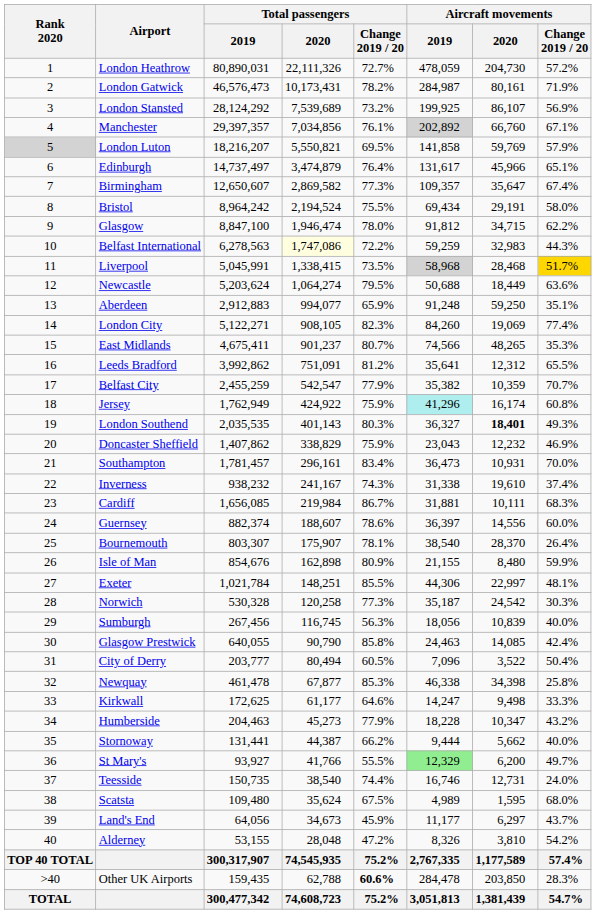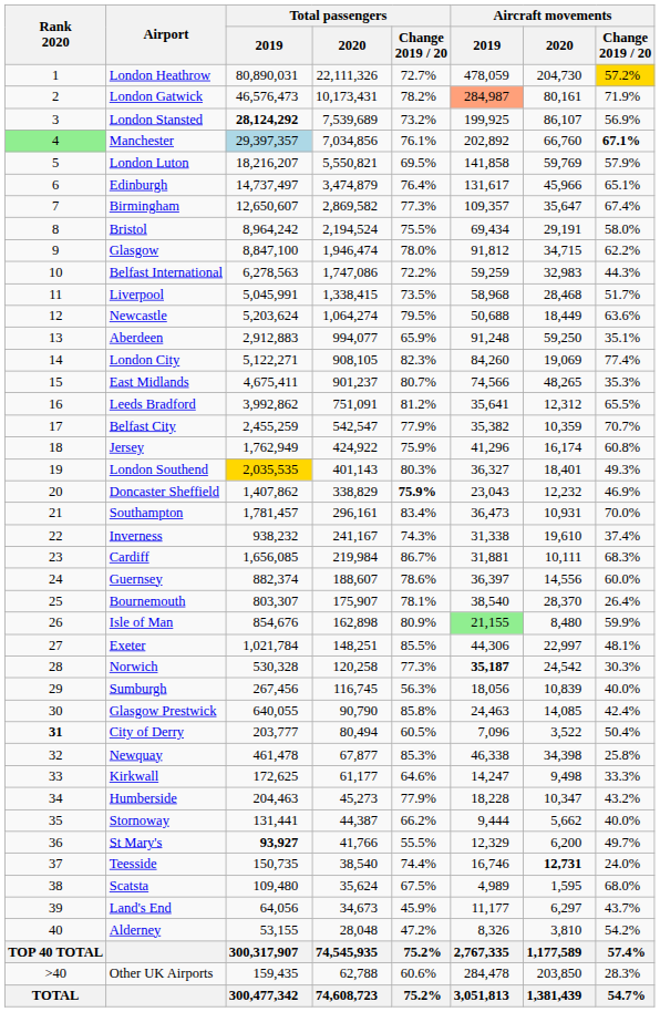 <table class="wikitable sortable" style="text-align: right;">
 <tr>
 <th rowspan=2>Rank<br>2020</th>
 <th rowspan="2">Airport</th>
 <th colspan=3>Total passengers</th>
 <th colspan=3>Aircraft movements</th>
 </tr>
 <tr>
 <th>2019</th>
 <th>2020</th>
 <th>Change<br>2019 / 20</th>
 <th>2019</th>
 <th>2020</th>
 <th>Change<br>2019 / 20</th>
 </tr>
 <tr>
 <td align='center'>1</td>
 <td align='left'><a href='#'>London Heathrow</a></td>
 <td style="padding-right: 1em;">80,890,031</td>
 <td style="padding-right: 1em;">22,111,326</td>
 <td style="padding-right: 1em;">72.7%</td>
 <td style="padding-right: 1em;">478,059</td>
 <td style="padding-right: 1em;">204,730</td>
-<td style="padding-right: 1em;">57.2%</td>
+<td style="background: gold; padding-right: 1em;">57.2%</td>
 </tr>
 <tr>
 <td align='center'>2</td>
 <td align='left'><a href='#'>London Gatwick</a></td>
 <td style="padding-right: 1em;">46,576,473</td>
 <td style="padding-right: 1em;">10,173,431</td>
 <td style="padding-right: 1em;">78.2%</td>
-<td style="padding-right: 1em;">284,987</td>
+<td style="background: lightsalmon; padding-right: 1em;">284,987</td>
 <td style="padding-right: 1em;">80,161</td>
 <td style="padding-right: 1em;">71.9%</td>
 </tr>
 <tr>
 <td align='center'>3</td>
 <td align='left'><a href='#'>London Stansted</a></td>
-<td style="padding-right: 1em;">28,124,292</td>
+<td style="padding-right: 1em;"><strong>28,124,292</strong></td>
 <td style="padding-right: 1em;">7,539,689</td>
 <td style="padding-right: 1em;">73.2%</td>
 <td style="padding-right: 1em;">199,925</td>
 <td style="padding-right: 1em;">86,107</td>
 <td style="padding-right: 1em;">56.9%</td>
 </tr>
 <tr>
-<td align='center'>4</td>
+<td align='center' style="background: lightgreen;">4</td>
 <td align='left'><a href='#'>Manchester</a></td>
-<td style="padding-right: 1em;">29,397,357</td>
+<td style="background: lightblue; padding-right: 1em;">29,397,357</td>
 <td style="padding-right: 1em;">7,034,856</td>
 <td style="padding-right: 1em;">76.1%</td>
-<td style="background: lightgrey; padding-right: 1em;">202,892</td>
+<td style="padding-right: 1em;">202,892</td>
 <td style="padding-right: 1em;">66,760</td>
-<td style="padding-right: 1em;">67.1%</td>
+<td style="padding-right: 1em;"><strong>67.1%</strong></td>
 </tr>
 <tr>
-<td align='center' style="background: lightgrey;">5</td>
+<td align='center'>5</td>
 <td align='left'><a href='#'>London Luton</a></td>
 <td style="padding-right: 1em;">18,216,207</td>
 <td style="padding-right: 1em;">5,550,821</td>
 <td style="padding-right: 1em;">69.5%</td>
 <td style="padding-right: 1em;">141,858</td>
 <td style="padding-right: 1em;">59,769</td>
 <td style="padding-right: 1em;">57.9%</td>
 </tr>
 <tr>
 <td align='center'>6</td>
 <td align='left'><a href='#'>Edinburgh</a></td>
 <td style="padding-right: 1em;">14,737,497</td>
 <td style="padding-right: 1em;">3,474,879</td>
 <td style="padding-right: 1em;">76.4%</td>
 <td style="padding-right: 1em;">131,617</td>
 <td style="padding-right: 1em;">45,966</td>
 <td style="padding-right: 1em;">65.1%</td>
 </tr>
 <tr>
 <td align='center'>7</td>
 <td align='left'><a href='#'>Birmingham</a></td>
 <td style="padding-right: 1em;">12,650,607</td>
 <td style="padding-right: 1em;">2,869,582</td>
 <td style="padding-right: 1em;">77.3%</td>
 <td style="padding-right: 1em;">109,357</td>
 <td style="padding-right: 1em;">35,647</td>
 <td style="padding-right: 1em;">67.4%</td>
 </tr>
 <tr>
 <td align='center'>8</td>
 <td align='left'><a href='#'>Bristol</a></td>
 <td style="padding-right: 1em;">8,964,242</td>
 <td style="padding-right: 1em;">2,194,524</td>
 <td style="padding-right: 1em;">75.5%</td>
 <td style="padding-right: 1em;">69,434</td>
 <td style="padding-right: 1em;">29,191</td>
 <td style="padding-right: 1em;">58.0%</td>
 </tr>
 <tr>
 <td align='center'>9</td>
 <td align='left'><a href='#'>Glasgow</a></td>
 <td style="padding-right: 1em;">8,847,100</td>
 <td style="padding-right: 1em;">1,946,474</td>
 <td style="padding-right: 1em;">78.0%</td>
 <td style="padding-right: 1em;">91,812</td>
 <td style="padding-right: 1em;">34,715</td>
 <td style="padding-right: 1em;">62.2%</td>
 </tr>
 <tr>
 <td align='center'>10</td>
 <td align='left'><a href='#'>Belfast International</a></td>
 <td style="padding-right: 1em;">6,278,563</td>
-<td style="background: lightyellow; padding-right: 1em;">1,747,086</td>
+<td style="padding-right: 1em;">1,747,086</td>
 <td style="padding-right: 1em;">72.2%</td>
 <td style="padding-right: 1em;">59,259</td>
 <td style="padding-right: 1em;">32,983</td>
 <td style="padding-right: 1em;">44.3%</td>
 </tr>
 <tr>
 <td align='center'>11</td>
 <td align='left'><a href='#'>Liverpool</a></td>
 <td style="padding-right: 1em;">5,045,991</td>
 <td style="padding-right: 1em;">1,338,415</td>
 <td style="padding-right: 1em;">73.5%</td>
-<td style="background: lightgrey; padding-right: 1em;">58,968</td>
+<td style="padding-right: 1em;">58,968</td>
 <td style="padding-right: 1em;">28,468</td>
-<td style="background: gold; padding-right: 1em;">51.7%</td>
+<td style="padding-right: 1em;">51.7%</td>
 </tr>
 <tr>
 <td align='center'>12</td>
 <td align='left'><a href='#'>Newcastle</a></td>
 <td style="padding-right: 1em;">5,203,624</td>
 <td style="padding-right: 1em;">1,064,274</td>
 <td style="padding-right: 1em;">79.5%</td>
 <td style="padding-right: 1em;">50,688</td>
 <td style="padding-right: 1em;">18,449</td>
 <td style="padding-right: 1em;">63.6%</td>
 </tr>
 <tr>
 <td align='center'>13</td>
 <td align='left'><a href='#'>Aberdeen</a></td>
 <td style="padding-right: 1em;">2,912,883</td>
 <td style="padding-right: 1em;">994,077</td>
 <td style="padding-right: 1em;">65.9%</td>
 <td style="padding-right: 1em;">91,248</td>
 <td style="padding-right: 1em;">59,250</td>
 <td style="padding-right: 1em;">35.1%</td>
 </tr>
 <tr>
 <td align='center'>14</td>
 <td align='left'><a href='#'>London City</a></td>
 <td style="padding-right: 1em;">5,122,271</td>
 <td style="padding-right: 1em;">908,105</td>
 <td style="padding-right: 1em;">82.3%</td>
 <td style="padding-right: 1em;">84,260</td>
 <td style="padding-right: 1em;">19,069</td>
 <td style="padding-right: 1em;">77.4%</td>
 </tr>
 <tr>
 <td align='center'>15</td>
 <td align='left'><a href='#'>East Midlands</a></td>
 <td style="padding-right: 1em;">4,675,411</td>
 <td style="padding-right: 1em;">901,237</td>
 <td style="padding-right: 1em;">80.7%</td>
 <td style="padding-right: 1em;">74,566</td>
 <td style="padding-right: 1em;">48,265</td>
 <td style="padding-right: 1em;">35.3%</td>
 </tr>
 <tr>
 <td align='center'>16</td>
 <td align='left'><a href='#'>Leeds Bradford</a></td>
 <td style="padding-right: 1em;">3,992,862</td>
 <td style="padding-right: 1em;">751,091</td>
 <td style="padding-right: 1em;">81.2%</td>
 <td style="padding-right: 1em;">35,641</td>
 <td style="padding-right: 1em;">12,312</td>
 <td style="padding-right: 1em;">65.5%</td>
 </tr>
 <tr>
 <td align='center'>17</td>
 <td align='left'><a href='#'>Belfast City</a></td>
 <td style="padding-right: 1em;">2,455,259</td>
 <td style="padding-right: 1em;">542,547</td>
 <td style="padding-right: 1em;">77.9%</td>
 <td style="padding-right: 1em;">35,382</td>
 <td style="padding-right: 1em;">10,359</td>
 <td style="padding-right: 1em;">70.7%</td>
 </tr>
 <tr>
 <td align='center'>18</td>
 <td align='left'><a href='#'>Jersey</a></td>
 <td style="padding-right: 1em;">1,762,949</td>
 <td style="padding-right: 1em;">424,922</td>
 <td style="padding-right: 1em;">75.9%</td>
-<td style="background: paleturquoise; padding-right: 1em;">41,296</td>
+<td style="padding-right: 1em;">41,296</td>
 <td style="padding-right: 1em;">16,174</td>
 <td style="padding-right: 1em;">60.8%</td>
 </tr>
 <tr>
 <td align='center'>19</td>
 <td align='left'><a href='#'>London Southend</a></td>
-<td style="padding-right: 1em;">2,035,535</td>
+<td style="background: gold; padding-right: 1em;">2,035,535</td>
 <td style="padding-right: 1em;">401,143</td>
 <td style="padding-right: 1em;">80.3%</td>
 <td style="padding-right: 1em;">36,327</td>
-<td style="padding-right: 1em;"><strong>18,401</strong></td>
+<td style="padding-right: 1em;">18,401</td>
 <td style="padding-right: 1em;">49.3%</td>
 </tr>
 <tr>
 <td align='center'>20</td>
 <td align='left'><a href='#'>Doncaster Sheffield</a></td>
 <td style="padding-right: 1em;">1,407,862</td>
 <td style="padding-right: 1em;">338,829</td>
-<td style="padding-right: 1em;">75.9%</td>
+<td style="padding-right: 1em;"><strong>75.9%</strong></td>
 <td style="padding-right: 1em;">23,043</td>
 <td style="padding-right: 1em;">12,232</td>
 <td style="padding-right: 1em;">46.9%</td>
 </tr>
 <tr>
 <td align='center'>21</td>
 <td align='left'><a href='#'>Southampton</a></td>
 <td style="padding-right: 1em;">1,781,457</td>
 <td style="padding-right: 1em;">296,161</td>
 <td style="padding-right: 1em;">83.4%</td>
 <td style="padding-right: 1em;">36,473</td>
 <td style="padding-right: 1em;">10,931</td>
 <td style="padding-right: 1em;">70.0%</td>
 </tr>
 <tr>
 <td align='center'>22</td>
 <td align='left'><a href='#'>Inverness</a></td>
 <td style="padding-right: 1em;">938,232</td>
 <td style="padding-right: 1em;">241,167</td>
 <td style="padding-right: 1em;">74.3%</td>
 <td style="padding-right: 1em;">31,338</td>
 <td style="padding-right: 1em;">19,610</td>
 <td style="padding-right: 1em;">37.4%</td>
 </tr>
 <tr>
 <td align='center'>23</td>
 <td align='left'><a href='#'>Cardiff</a></td>
 <td style="padding-right: 1em;">1,656,085</td>
 <td style="padding-right: 1em;">219,984</td>
 <td style="padding-right: 1em;">86.7%</td>
 <td style="padding-right: 1em;">31,881</td>
 <td style="padding-right: 1em;">10,111</td>
 <td style="padding-right: 1em;">68.3%</td>
 </tr>
 <tr>
 <td align='center'>24</td>
 <td align='left'><a href='#'>Guernsey</a></td>
 <td style="padding-right: 1em;">882,374</td>
 <td style="padding-right: 1em;">188,607</td>
 <td style="padding-right: 1em;">78.6%</td>
 <td style="padding-right: 1em;">36,397</td>
 <td style="padding-right: 1em;">14,556</td>
 <td style="padding-right: 1em;">60.0%</td>
 </tr>
 <tr>
 <td align='center'>25</td>
 <td align='left'><a href='#'>Bournemouth</a></td>
 <td style="padding-right: 1em;">803,307</td>
 <td style="padding-right: 1em;">175,907</td>
 <td style="padding-right: 1em;">78.1%</td>
 <td style="padding-right: 1em;">38,540</td>
 <td style="padding-right: 1em;">28,370</td>
 <td style="padding-right: 1em;">26.4%</td>
 </tr>
 <tr>
 <td align='center'>26</td>
 <td align='left'><a href='#'>Isle of Man</a></td>
 <td style="padding-right: 1em;">854,676</td>
 <td style="padding-right: 1em;">162,898</td>
 <td style="padding-right: 1em;">80.9%</td>
-<td style="padding-right: 1em;">21,155</td>
+<td style="background: lightgreen; padding-right: 1em;">21,155</td>
 <td style="padding-right: 1em;">8,480</td>
 <td style="padding-right: 1em;">59.9%</td>
 </tr>
 <tr>
 <td align='center'>27</td>
 <td align='left'><a href='#'>Exeter</a></td>
 <td style="padding-right: 1em;">1,021,784</td>
 <td style="padding-right: 1em;">148,251</td>
 <td style="padding-right: 1em;">85.5%</td>
 <td style="padding-right: 1em;">44,306</td>
 <td style="padding-right: 1em;">22,997</td>
 <td style="padding-right: 1em;">48.1%</td>
 </tr>
 <tr>
 <td align='center'>28</td>
 <td align='left'><a href='#'>Norwich</a></td>
 <td style="padding-right: 1em;">530,328</td>
 <td style="padding-right: 1em;">120,258</td>
 <td style="padding-right: 1em;">77.3%</td>
-<td style="padding-right: 1em;">35,187</td>
+<td style="padding-right: 1em;"><strong>35,187</strong></td>
 <td style="padding-right: 1em;">24,542</td>
 <td style="padding-right: 1em;">30.3%</td>
 </tr>
 <tr>
 <td align='center'>29</td>
 <td align="left"><a href='#'>Sumburgh</a></td>
 <td style="padding-right: 1em;">267,456</td>
 <td style="padding-right: 1em;">116,745</td>
 <td style="padding-right: 1em;">56.3%</td>
 <td style="padding-right: 1em;">18,056</td>
 <td style="padding-right: 1em;">10,839</td>
 <td style="padding-right: 1em;">40.0%</td>
 </tr>
 <tr>
 <td align='center'>30</td>
 <td align='left'><a href='#'>Glasgow Prestwick</a></td>
 <td style="padding-right: 1em;">640,055</td>
 <td style="padding-right: 1em;">90,790</td>
 <td style="padding-right: 1em;">85.8%</td>
 <td style="padding-right: 1em;">24,463</td>
 <td style="padding-right: 1em;">14,085</td>
 <td style="padding-right: 1em;">42.4%</td>
 </tr>
 <tr>
-<td align='center'>31</td>
+<td align='center'><strong>31</strong></td>
 <td align="left"><a href='#'>City of Derry</a></td>
 <td style="padding-right: 1em;">203,777</td>
 <td style="padding-right: 1em;">80,494</td>
 <td style="padding-right: 1em;">60.5%</td>
 <td style="padding-right: 1em;">7,096</td>
 <td style="padding-right: 1em;">3,522</td>
 <td style="padding-right: 1em;">50.4%</td>
 </tr>
 <tr>
 <td align='center'>32</td>
 <td align="left"><a href='#'>Newquay</a></td>
 <td style="padding-right: 1em;">461,478</td>
 <td style="padding-right: 1em;">67,877</td>
 <td style="padding-right: 1em;">85.3%</td>
 <td style="padding-right: 1em;">46,338</td>
 <td style="padding-right: 1em;">34,398</td>
 <td style="padding-right: 1em;">25.8%</td>
 </tr>
 <tr>
 <td align='center'>33</td>
 <td align='left'><a href='#'>Kirkwall</a></td>
 <td style="padding-right: 1em;">172,625</td>
 <td style="padding-right: 1em;">61,177</td>
 <td style="padding-right: 1em;">64.6%</td>
 <td style="padding-right: 1em;">14,247</td>
 <td style="padding-right: 1em;">9,498</td>
 <td style="padding-right: 1em;">33.3%</td>
 </tr>
 <tr>
 <td align='center'>34</td>
 <td align='left'><a href='#'>Humberside</a></td>
 <td style="padding-right: 1em;">204,463</td>
 <td style="padding-right: 1em;">45,273</td>
 <td style="padding-right: 1em;">77.9%</td>
 <td style="padding-right: 1em;">18,228</td>
 <td style="padding-right: 1em;">10,347</td>
 <td style="padding-right: 1em;">43.2%</td>
 </tr>
 <tr>
 <td align='center'>35</td>
 <td align="left"><a href='#'>Stornoway</a></td>
 <td style="padding-right: 1em;">131,441</td>
 <td style="padding-right: 1em;">44,387</td>
 <td style="padding-right: 1em;">66.2%</td>
 <td style="padding-right: 1em;">9,444</td>
 <td style="padding-right: 1em;">5,662</td>
 <td style="padding-right: 1em;">40.0%</td>
 </tr>
 <tr>
 <td align='center'>36</td>
 <td align='left'><a href='#'>St Mary's</a></td>
-<td style="padding-right: 1em;">93,927</td>
+<td style="padding-right: 1em;"><strong>93,927</strong></td>
 <td style="padding-right: 1em;">41,766</td>
 <td style="padding-right: 1em;">55.5%</td>
-<td style="background: lightgreen; padding-right: 1em;">12,329</td>
+<td style="padding-right: 1em;">12,329</td>
 <td style="padding-right: 1em;">6,200</td>
 <td style="padding-right: 1em;">49.7%</td>
 </tr>
 <tr>
 <td align='center'>37</td>
 <td align="left"><a href='#'>Teesside</a></td>
 <td style="padding-right: 1em;">150,735</td>
 <td style="padding-right: 1em;">38,540</td>
 <td style="padding-right: 1em;">74.4%</td>
 <td style="padding-right: 1em;">16,746</td>
-<td style="padding-right: 1em;">12,731</td>
+<td style="padding-right: 1em;"><strong>12,731</strong></td>
 <td style="padding-right: 1em;">24.0%</td>
 </tr>
 <tr>
 <td align='center'>38</td>
 <td align='left'><a href='#'>Scatsta</a></td>
 <td style="padding-right: 1em;">109,480</td>
 <td style="padding-right: 1em;">35,624</td>
 <td style="padding-right: 1em;">67.5%</td>
 <td style="padding-right: 1em;">4,989</td>
 <td style="padding-right: 1em;">1,595</td>
 <td style="padding-right: 1em;">68.0%</td>
 </tr>
 <tr>
 <td align='center'>39</td>
 <td align='left'><a href='#'>Land's End</a></td>
 <td style="padding-right: 1em;">64,056</td>
 <td style="padding-right: 1em;">34,673</td>
 <td style="padding-right: 1em;">45.9%</td>
 <td style="padding-right: 1em;">11,177</td>
 <td style="padding-right: 1em;">6,297</td>
 <td style="padding-right: 1em;">43.7%</td>
 </tr>
 <tr>
 <td align='center'>40</td>
 <td align='left'><a href='#'>Alderney</a></td>
 <td style="padding-right: 1em;">53,155</td>
 <td style="padding-right: 1em;">28,048</td>
 <td style="padding-right: 1em;">47.2%</td>
 <td style="padding-right: 1em;">8,326</td>
 <td style="padding-right: 1em;">3,810</td>
 <td style="padding-right: 1em;">54.2%</td>
 </tr>
 <tr class="sortbottom">
 <th>TOP 40 TOTAL</th>
 <th></th>
 <th style="padding-right: 1em;">300,317,907</th>
 <th style="padding-right: 1em;">74,545,935</th>
 <th style="padding-right: 0em;">75.2%</th>
 <th style="padding-right: 1em;">2,767,335</th>
 <th style="padding-right: 1em;">1,177,589</th>
 <th style="padding-right: 0em;">57.4%</th>
 </tr>
 <tr class="sortbottom">
 <td align='center'>>40</td>
 <td align='left'>Other UK Airports</td>
 <td style="padding-right: 1em;">159,435</td>
 <td style="padding-right: 1em;">62,788</td>
-<td style="padding-right: 1em;"><strong>60.6%</strong></td>
+<td style="padding-right: 1em;">60.6%</td>
 <td style="padding-right: 1em;">284,478</td>
 <td style="padding-right: 1em;">203,850</td>
 <td style="padding-right: 1em;">28.3%</td>
 </tr>
 <tr class="sortbottom">
 <th>TOTAL</th>
 <th></th>
 <th style="padding-right: 1em;">300,477,342</th>
 <th style="padding-right: 1em;">74,608,723</th>
 <th style="padding-right: 0em;">75.2%</th>
 <th style="padding-right: 1em;">3,051,813</th>
 <th style="padding-right: 1em;">1,381,439</th>
 <th style="padding-right: 0em;">54.7%</th>
 </tr>
 </table>
